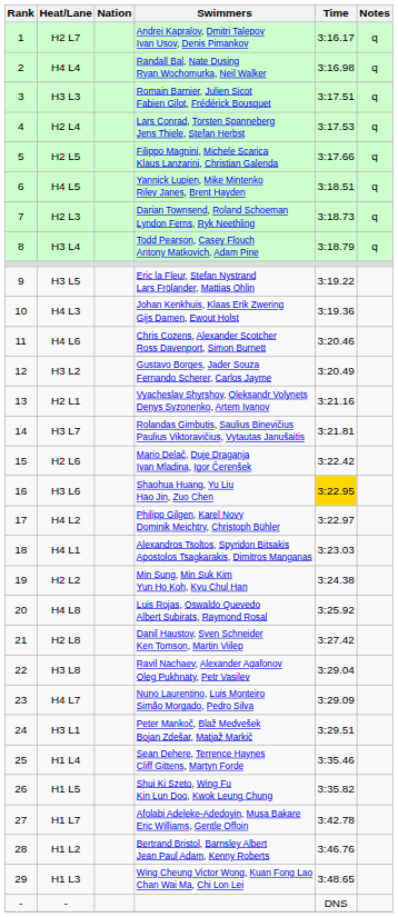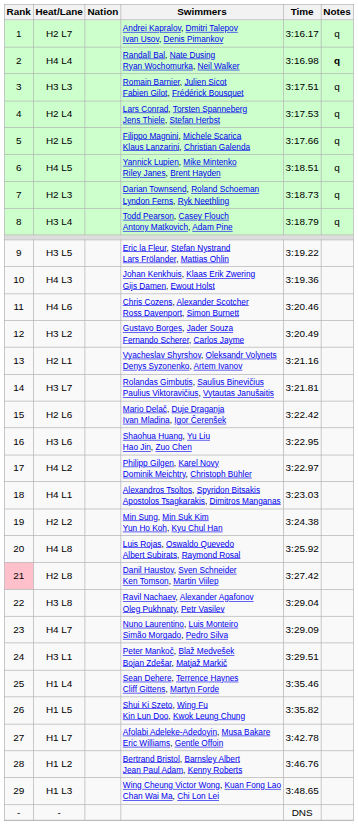 <table class="wikitable sortable" style="text-align:center">
 <tr>
 <th>Rank</th>
 <th>Heat/Lane</th>
 <th>Nation</th>
 <th>Swimmers</th>
 <th>Time</th>
 <th>Notes</th>
 </tr>
 <tr bgcolor=ccffcc>
 <td>1</td>
 <td>H2 L7</td>
 <td align=left></td>
 <td align=left><small> <a href='#'>Andrei Kapralov</a>, <a href='#'>Dmitri Talepov</a> <br> <a href='#'>Ivan Usov</a>, <a href='#'>Denis Pimankov</a> </small></td>
 <td>3:16.17</td>
 <td>q</td>
 </tr>
 <tr bgcolor=ccffcc>
 <td>2</td>
 <td>H4 L4</td>
 <td align=left></td>
 <td align=left><small> <a href='#'>Randall Bal</a>, <a href='#'>Nate Dusing</a> <br> <a href='#'>Ryan Wochomurka</a>, <a href='#'>Neil Walker</a> </small></td>
 <td>3:16.98</td>
-<td>q</td>
+<td><strong>q</strong></td>
 </tr>
 <tr bgcolor=ccffcc>
 <td>3</td>
 <td>H3 L3</td>
 <td align=left></td>
 <td align=left><small> <a href='#'>Romain Barnier</a>, <a href='#'>Julien Sicot</a> <br> <a href='#'>Fabien Gilot</a>, <a href='#'>Frédérick Bousquet</a> </small></td>
 <td>3:17.51</td>
 <td>q</td>
 </tr>
 <tr bgcolor=ccffcc>
 <td>4</td>
 <td>H2 L4</td>
 <td align=left></td>
 <td align=left><small> <a href='#'>Lars Conrad</a>, <a href='#'>Torsten Spanneberg</a> <br> <a href='#'>Jens Thiele</a>, <a href='#'>Stefan Herbst</a> </small></td>
 <td>3:17.53</td>
 <td>q</td>
 </tr>
 <tr bgcolor=ccffcc>
 <td>5</td>
 <td>H2 L5</td>
 <td align=left></td>
 <td align=left><small> <a href='#'>Filippo Magnini</a>, <a href='#'>Michele Scarica</a> <br> <a href='#'>Klaus Lanzarini</a>, <a href='#'>Christian Galenda</a> </small></td>
 <td>3:17.66</td>
 <td>q</td>
 </tr>
 <tr bgcolor=ccffcc>
 <td>6</td>
 <td>H4 L5</td>
 <td align=left></td>
 <td align=left><small> <a href='#'>Yannick Lupien</a>, <a href='#'>Mike Mintenko</a> <br> <a href='#'>Riley Janes</a>, <a href='#'>Brent Hayden</a> </small></td>
 <td>3:18.51</td>
 <td>q</td>
 </tr>
 <tr bgcolor=ccffcc>
 <td>7</td>
 <td>H2 L3</td>
 <td align=left></td>
 <td align=left><small> <a href='#'>Darian Townsend</a>, <a href='#'>Roland Schoeman</a> <br> <a href='#'>Lyndon Ferns</a>, <a href='#'>Ryk Neethling</a> </small></td>
 <td>3:18.73</td>
 <td>q</td>
 </tr>
 <tr bgcolor=ccffcc>
 <td>8</td>
 <td>H3 L4</td>
 <td align=left></td>
 <td align=left><small> <a href='#'>Todd Pearson</a>, <a href='#'>Casey Flouch</a> <br> <a href='#'>Antony Matkovich</a>, <a href='#'>Adam Pine</a> </small></td>
 <td>3:18.79</td>
 <td>q</td>
 </tr>
 <tr bgcolor=#DDDDDD>
 <td colspan=6></td>
 </tr>
 <tr>
 <td>9</td>
 <td>H3 L5</td>
 <td align=left></td>
 <td align=left><small> <a href='#'>Eric la Fleur</a>, <a href='#'>Stefan Nystrand</a> <br> <a href='#'>Lars Frölander</a>, <a href='#'>Mattias Ohlin</a> </small></td>
 <td>3:19.22</td>
 <td></td>
 </tr>
 <tr>
 <td>10</td>
 <td>H4 L3</td>
 <td align=left></td>
 <td align=left><small> <a href='#'>Johan Kenkhuis</a>, <a href='#'>Klaas Erik Zwering</a> <br> <a href='#'>Gijs Damen</a>, <a href='#'>Ewout Holst</a> </small></td>
 <td>3:19.36</td>
 <td></td>
 </tr>
 <tr>
 <td>11</td>
 <td>H4 L6</td>
 <td align=left></td>
 <td align=left><small> <a href='#'>Chris Cozens</a>, <a href='#'>Alexander Scotcher</a> <br> <a href='#'>Ross Davenport</a>, <a href='#'>Simon Burnett</a> </small></td>
 <td>3:20.46</td>
 <td></td>
 </tr>
 <tr>
 <td>12</td>
 <td>H3 L2</td>
 <td align=left></td>
 <td align=left><small> <a href='#'>Gustavo Borges</a>, <a href='#'>Jader Souza</a> <br> <a href='#'>Fernando Scherer</a>, <a href='#'>Carlos Jayme</a> </small></td>
 <td>3:20.49</td>
 <td></td>
 </tr>
 <tr>
 <td>13</td>
 <td>H2 L1</td>
 <td align=left></td>
 <td align=left><small> <a href='#'>Vyacheslav Shyrshov</a>, <a href='#'>Oleksandr Volynets</a> <br> <a href='#'>Denys Syzonenko</a>, <a href='#'>Artem Ivanov</a> </small></td>
 <td>3:21.16</td>
 <td></td>
 </tr>
 <tr>
 <td>14</td>
 <td>H3 L7</td>
 <td align=left></td>
 <td align=left><small> <a href='#'>Rolandas Gimbutis</a>, <a href='#'>Saulius Binevičius</a> <br> <a href='#'>Paulius Viktoravičius</a>, <a href='#'>Vytautas Janušaitis</a> </small></td>
 <td>3:21.81</td>
 <td></td>
 </tr>
 <tr>
 <td>15</td>
 <td>H2 L6</td>
 <td align=left></td>
 <td align=left><small> <a href='#'>Mario Delač</a>, <a href='#'>Duje Draganja</a> <br> <a href='#'>Ivan Mladina</a>, <a href='#'>Igor Čerenšek</a> </small></td>
 <td>3:22.42</td>
 <td></td>
 </tr>
 <tr>
 <td>16</td>
 <td>H3 L6</td>
 <td align=left></td>
 <td align=left><small> <a href='#'>Shaohua Huang</a>, <a href='#'>Yu Liu</a> <br> <a href='#'>Hao Jin</a>, <a href='#'>Zuo Chen</a> </small></td>
-<td style="background: gold;">3:22.95</td>
+<td>3:22.95</td>
 <td></td>
 </tr>
 <tr>
 <td>17</td>
 <td>H4 L2</td>
 <td align=left></td>
 <td align=left><small> <a href='#'>Philipp Gilgen</a>, <a href='#'>Karel Novy</a> <br> <a href='#'>Dominik Meichtry</a>, <a href='#'>Christoph Bühler</a> </small></td>
 <td>3:22.97</td>
 <td></td>
 </tr>
 <tr>
 <td>18</td>
 <td>H4 L1</td>
 <td align=left></td>
 <td align=left><small> <a href='#'>Alexandros Tsoltos</a>, <a href='#'>Spyridon Bitsakis</a> <br> <a href='#'>Apostolos Tsagkarakis</a>, <a href='#'>Dimitros Manganas</a> </small></td>
 <td>3:23.03</td>
 <td></td>
 </tr>
 <tr>
 <td>19</td>
 <td>H2 L2</td>
 <td align=left></td>
 <td align=left><small> <a href='#'>Min Sung</a>, <a href='#'>Min Suk Kim</a> <br> <a href='#'>Yun Ho Koh</a>, <a href='#'>Kyu Chul Han</a> </small></td>
 <td>3:24.38</td>
 <td></td>
 </tr>
 <tr>
 <td>20</td>
 <td>H4 L8</td>
 <td align=left></td>
 <td align=left><small> <a href='#'>Luis Rojas</a>, <a href='#'>Oswaldo Quevedo</a> <br> <a href='#'>Albert Subirats</a>, <a href='#'>Raymond Rosal</a> </small></td>
 <td>3:25.92</td>
 <td></td>
 </tr>
 <tr>
-<td>21</td>
+<td style="background: pink;">21</td>
 <td>H2 L8</td>
 <td align=left></td>
 <td align=left><small> <a href='#'>Danil Haustov</a>, <a href='#'>Sven Schneider</a> <br> <a href='#'>Ken Tomson</a>, <a href='#'>Martin Viilep</a> </small></td>
 <td>3:27.42</td>
 <td></td>
 </tr>
 <tr>
 <td>22</td>
 <td>H3 L8</td>
 <td align=left></td>
 <td align=left><small> <a href='#'>Ravil Nachaev</a>, <a href='#'>Alexander Agafonov</a> <br> <a href='#'>Oleg Pukhnaty</a>, <a href='#'>Petr Vasilev</a> </small></td>
 <td>3:29.04</td>
 <td></td>
 </tr>
 <tr>
 <td>23</td>
 <td>H4 L7</td>
 <td align=left></td>
 <td align=left><small> <a href='#'>Nuno Laurentino</a>, <a href='#'>Luis Monteiro</a> <br> <a href='#'>Simão Morgado</a>, <a href='#'>Pedro Silva</a> </small></td>
 <td>3:29.09</td>
 <td></td>
 </tr>
 <tr>
 <td>24</td>
 <td>H3 L1</td>
 <td align=left></td>
 <td align=left><small> <a href='#'>Peter Mankoč</a>, <a href='#'>Blaž Medvešek</a> <br> <a href='#'>Bojan Zdešar</a>, <a href='#'>Matjaž Markič</a> </small></td>
 <td>3:29.51</td>
 <td></td>
 </tr>
 <tr>
 <td>25</td>
 <td>H1 L4</td>
 <td align=left></td>
 <td align=left><small> <a href='#'>Sean Dehere</a>, <a href='#'>Terrence Haynes</a> <br> <a href='#'>Cliff Gittens</a>, <a href='#'>Martyn Forde</a> </small></td>
 <td>3:35.46</td>
 <td></td>
 </tr>
 <tr>
 <td>26</td>
 <td>H1 L5</td>
 <td align=left></td>
 <td align=left><small> <a href='#'>Shui Ki Szeto</a>, <a href='#'>Wing Fu</a> <br> <a href='#'>Kin Lun Doo</a>, <a href='#'>Kwok Leung Chung</a> </small></td>
 <td>3:35.82</td>
 <td></td>
 </tr>
 <tr>
 <td>27</td>
 <td>H1 L7</td>
 <td align=left></td>
 <td align=left><small> <a href='#'>Afolabi Adeleke-Adedoyin</a>, <a href='#'>Musa Bakare</a> <br> <a href='#'>Eric Williams</a>, <a href='#'>Gentle Offoin</a> </small></td>
 <td>3:42.78</td>
 <td></td>
 </tr>
 <tr>
 <td>28</td>
 <td>H1 L2</td>
 <td align=left></td>
 <td align=left><small> <a href='#'>Bertrand Bristol</a>, <a href='#'>Barnsley Albert</a> <br> <a href='#'>Jean Paul Adam</a>, <a href='#'>Kenny Roberts</a> </small></td>
 <td>3:46.76</td>
 <td></td>
 </tr>
 <tr>
 <td>29</td>
 <td>H1 L3</td>
 <td align=left></td>
 <td align=left><small> <a href='#'>Wing Cheung Victor Wong</a>, <a href='#'>Kuan Fong Lao</a> <br> <a href='#'>Chan Wai Ma</a>, <a href='#'>Chi Lon Lei</a> </small></td>
 <td>3:48.65</td>
 <td></td>
 </tr>
 <tr>
 <td>-</td>
 <td>-</td>
 <td align=left></td>
 <td align=left></td>
 <td>DNS</td>
 <td></td>
 </tr>
 <tr>
 </tr>
 </table>
